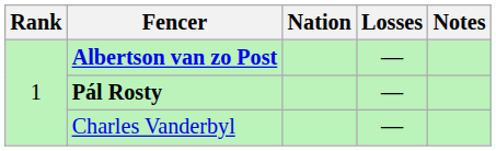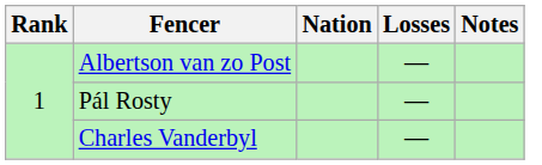 <table class="wikitable sortable" style="text-align:center">
 <tr>
 <th>Rank</th>
 <th>Fencer</th>
 <th>Nation</th>
 <th>Losses</th>
 <th>Notes</th>
 </tr>
 <tr bgcolor=bbf3bb>
 <td rowspan=3>1</td>
-<td align=left><strong><a href='#'>Albertson van zo Post</a></strong></td>
+<td align=left><a href='#'>Albertson van zo Post</a></td>
 <td align=left></td>
 <td>—</td>
 <td></td>
 </tr>
 <tr bgcolor=bbf3bb>
-<td align=left><strong>Pál Rosty</strong></td>
+<td align=left>Pál Rosty</td>
 <td align=left></td>
 <td>—</td>
 <td></td>
 </tr>
 <tr bgcolor=bbf3bb>
 <td align=left><a href='#'>Charles Vanderbyl</a></td>
 <td align=left></td>
 <td>—</td>
 <td></td>
 </tr>
 </table>
